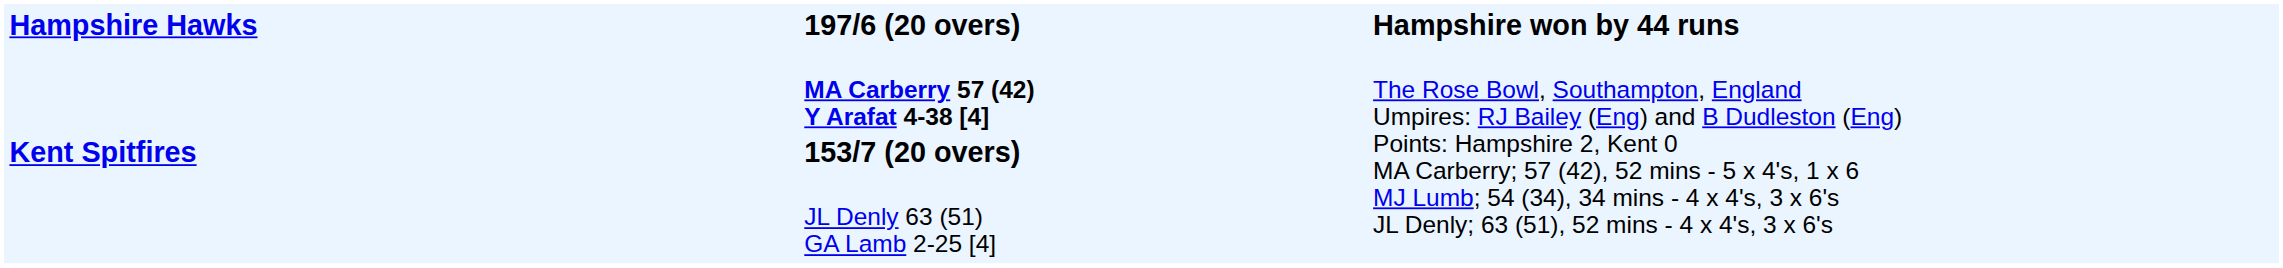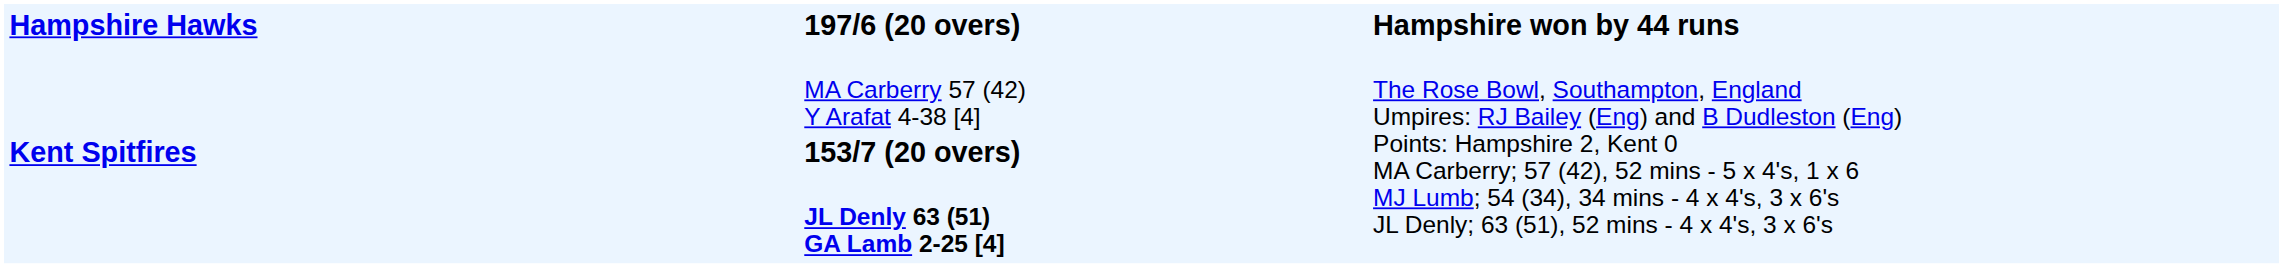 <table style="width:100%; background:#ebf5ff;">
 <tr>
 <td style="width:35%; vertical-align:top;" rowspan="2"><strong><a href='#'>Hampshire Hawks</a></strong></td>
 <td style="width:25%;"><strong>197/6 (20 overs)</strong></td>
 <td style="width:40%;"><strong>Hampshire won by 44 runs</strong></td>
 </tr>
 <tr>
-<td style="font-size: 85%;"><strong><br><a href='#'>MA Carberry</a> 57 (42)<br> <a href='#'>Y Arafat</a> 4-38 [4]</strong></td>
+<td style="font-size: 85%;"><br><a href='#'>MA Carberry</a> 57 (42)<br> <a href='#'>Y Arafat</a> 4-38 [4]</td>
 <td style="vertical-align:top; font-size:85%;" rowspan="3"><br><a href='#'>The Rose Bowl</a>, <a href='#'>Southampton</a>, <a href='#'>England</a><br> Umpires: <a href='#'>RJ Bailey</a> (<a href='#'>Eng</a>) and <a href='#'>B Dudleston</a> (<a href='#'>Eng</a>)<br> Points: Hampshire 2, Kent 0<br>MA Carberry; 57 (42), 52 mins - 5 x 4's, 1 x 6<br> <a href='#'>MJ Lumb</a>; 54 (34), 34 mins - 4 x 4's, 3 x 6's<br> JL Denly; 63 (51), 52 mins - 4 x 4's, 3 x 6's</td>
 </tr>
 <tr>
 <td style="vertical-align:top;" rowspan="2"><strong><a href='#'>Kent Spitfires</a></strong></td>
 <td><strong>153/7 (20 overs)</strong></td>
 </tr>
 <tr>
-<td style="font-size: 85%;"><br><a href='#'>JL Denly</a> 63 (51)<br> <a href='#'>GA Lamb</a> 2-25 [4]</td>
+<td style="font-size: 85%;"><strong><br><a href='#'>JL Denly</a> 63 (51)<br> <a href='#'>GA Lamb</a> 2-25 [4]</strong></td>
 </tr>
 </table>
